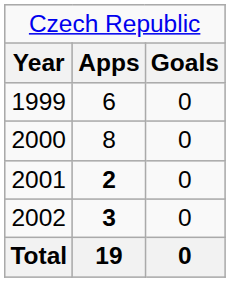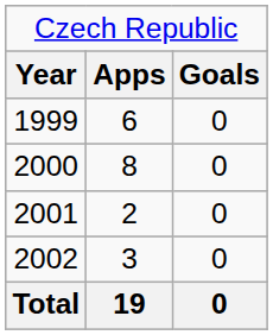 <table class="wikitable" style="text-align:center">
 <tr>
 <td colspan="3"><a href='#'>Czech Republic</a></td>
 </tr>
 <tr>
 <th>Year</th>
 <th>Apps</th>
 <th>Goals</th>
 </tr>
 <tr>
 <td>1999</td>
 <td>6</td>
 <td>0</td>
 </tr>
 <tr>
 <td>2000</td>
 <td>8</td>
 <td>0</td>
 </tr>
 <tr>
 <td>2001</td>
-<td><strong>2</strong></td>
+<td>2</td>
 <td>0</td>
 </tr>
 <tr>
 <td>2002</td>
-<td><strong>3</strong></td>
+<td>3</td>
 <td>0</td>
 </tr>
 <tr>
 <th>Total</th>
 <th>19</th>
 <th>0</th>
 </tr>
 </table>
